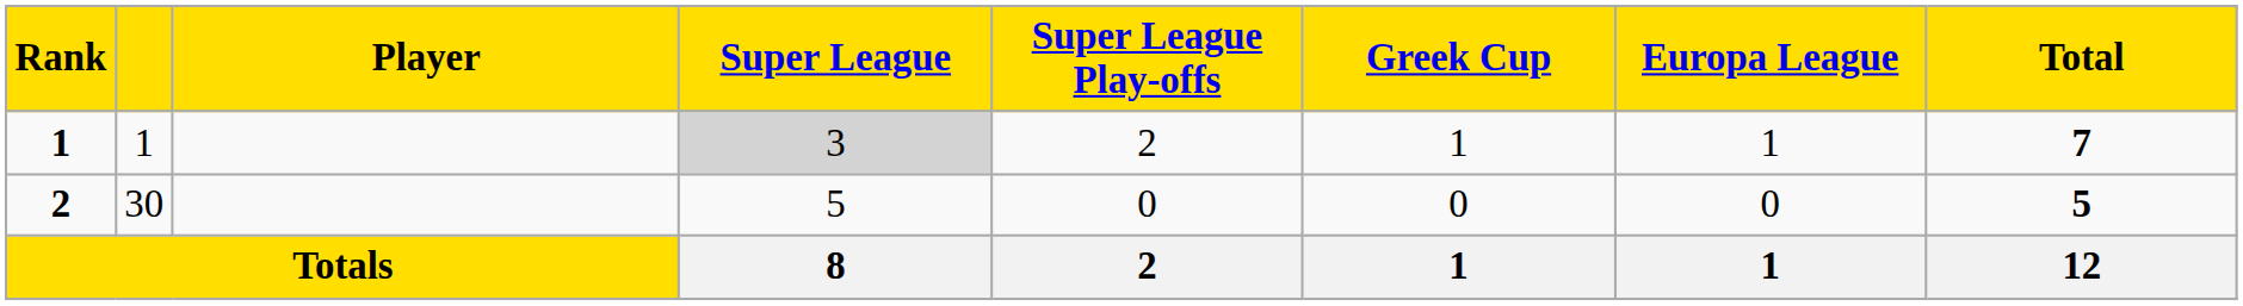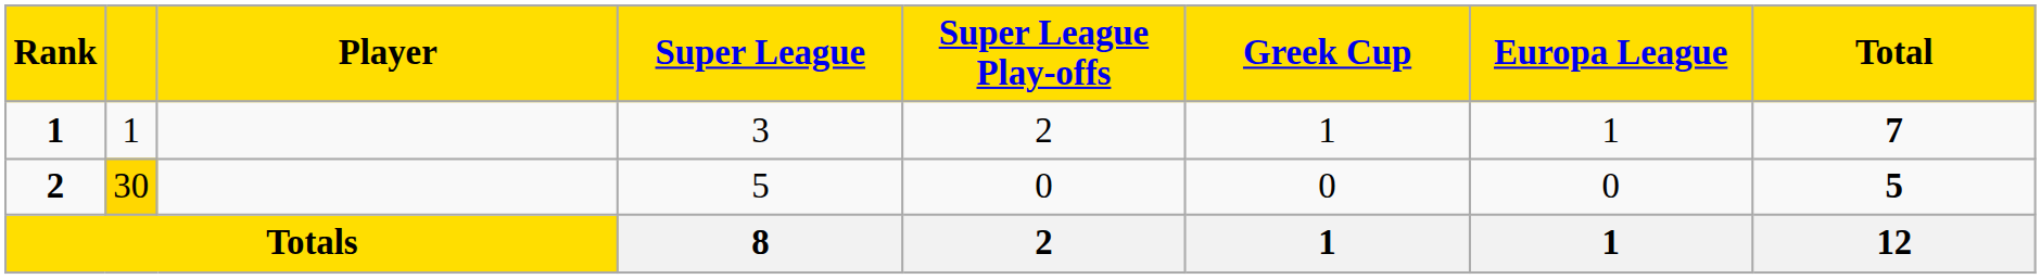 <table class="wikitable sortable" style="text-align:center">
 <tr>
 <th style="background:#FFDE00">Rank</th>
 <th style="background:#FFDE00"></th>
 <th width=200 style="background:#FFDE00">Player</th>
 <th width=120 style="background:#FFDE00"><a href='#'>Super League</a></th>
 <th width=120 style="background:#FFDE00"><a href='#'>Super League Play-offs</a></th>
 <th width=120 style="background:#FFDE00"><a href='#'>Greek Cup</a></th>
 <th width=120 style="background:#FFDE00"><a href='#'>Europa League</a></th>
 <th width=120 style="background:#FFDE00">Total</th>
 </tr>
 <tr>
 <td><strong>1</strong></td>
 <td>1</td>
 <td align=left></td>
-<td style="background: lightgrey;">3</td>
+<td>3</td>
 <td>2</td>
 <td>1</td>
 <td>1</td>
 <td><strong>7</strong></td>
 </tr>
 <tr>
 <td><strong>2</strong></td>
-<td>30</td>
+<td style="background: gold;">30</td>
 <td align=left></td>
 <td>5</td>
 <td>0</td>
 <td>0</td>
 <td>0</td>
 <td><strong>5</strong></td>
 </tr>
 <tr class="sortbottom">
 <th colspan=3 style="background:#FFDE00"><strong>Totals</strong></th>
 <th><strong> 8</strong></th>
 <th><strong> 2</strong></th>
 <th><strong> 1</strong></th>
 <th><strong> 1</strong></th>
 <th><strong>12</strong></th>
 </tr>
 </table>
